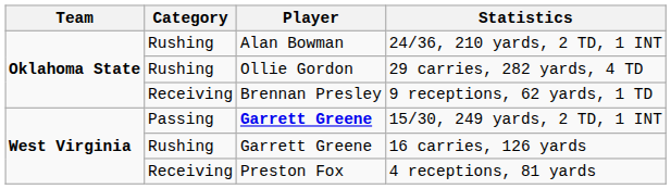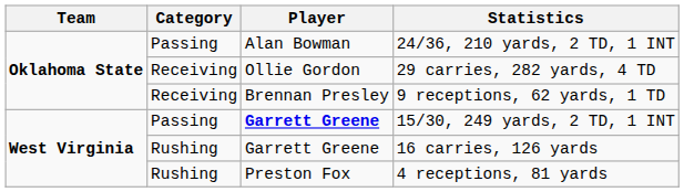 <table class="wikitable" style="float: right;">
 <tr>
 <th>Team</th>
 <th>Category</th>
 <th>Player</th>
 <th>Statistics</th>
 </tr>
 <tr>
 <td rowspan=3><strong>Oklahoma State</strong></td>
-<td>Rushing</td>
+<td>Passing</td>
 <td>Alan Bowman</td>
 <td>24/36, 210 yards, 2 TD, 1 INT</td>
 </tr>
 <tr>
-<td>Rushing</td>
+<td>Receiving</td>
 <td>Ollie Gordon</td>
 <td>29 carries, 282 yards, 4 TD</td>
 </tr>
 <tr>
 <td>Receiving</td>
 <td>Brennan Presley</td>
 <td>9 receptions, 62 yards, 1 TD</td>
 </tr>
 <tr>
 <td rowspan=3><strong>West Virginia</strong></td>
 <td>Passing</td>
 <td><strong><a href='#'>Garrett Greene</a></strong></td>
 <td>15/30, 249 yards, 2 TD, 1 INT</td>
 </tr>
 <tr>
 <td>Rushing</td>
 <td>Garrett Greene</td>
 <td>16 carries, 126 yards</td>
 </tr>
 <tr>
-<td>Receiving</td>
+<td>Rushing</td>
 <td>Preston Fox</td>
 <td>4 receptions, 81 yards</td>
 </tr>
 </table>
